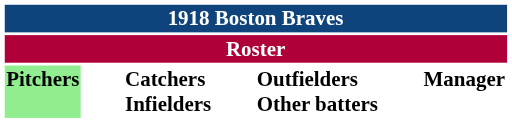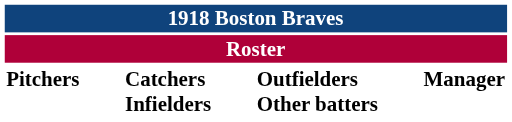 <table class="toccolours" style="font-size: 95%;">
 <tr>
 <th colspan="10" style="background-color: #0f437c; color: white; text-align: center;">1918 Boston Braves</th>
 </tr>
 <tr>
 <td colspan="10" style="background-color: #af0039; color: white; text-align: center;"><strong>Roster</strong></td>
 </tr>
 <tr>
-<td valign="top" style="background: lightgreen;"><strong>Pitchers</strong><br>            </td>
+<td valign="top"><strong>Pitchers</strong><br>            </td>
 <td width="25px"></td>
 <td valign="top"><strong>Catchers</strong><br>    <strong>Infielders</strong>        </td>
 <td width="25px"></td>
 <td valign="top"><strong>Outfielders</strong><br>        <strong>Other batters</strong>    </td>
 <td width="25px"></td>
 <td valign="top"><strong>Manager</strong><br></td>
 </tr>
 </table>
